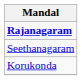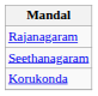 <table class="wikitable sortable static-row-numbers static-row-header-hash">
 <tr>
 <th>Mandal</th>
 </tr>
 <tr>
-<td><strong><a href='#'>Rajanagaram</a></strong></td>
+<td><a href='#'>Rajanagaram</a></td>
 </tr>
 <tr>
 <td><a href='#'>Seethanagaram</a></td>
 </tr>
 <tr>
 <td><a href='#'>Korukonda</a></td>
 </tr>
 <tr>
 </tr>
 </table>
